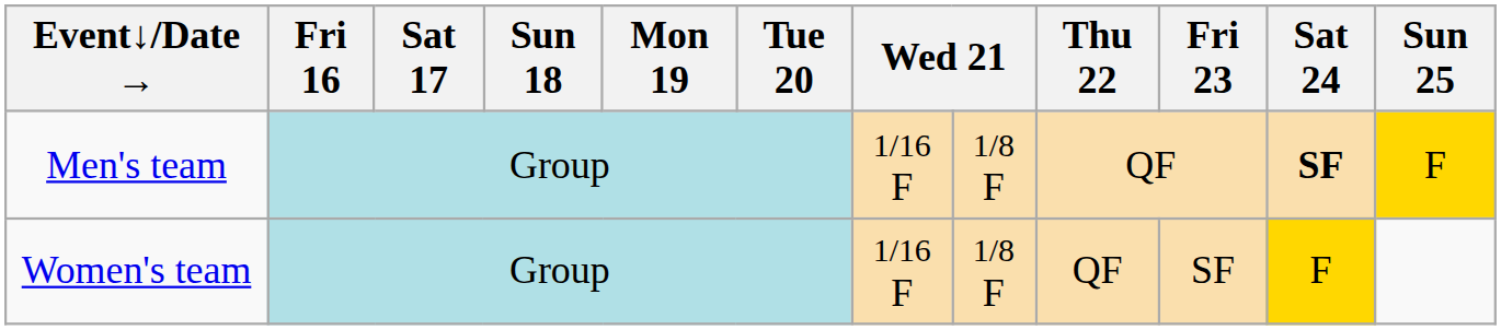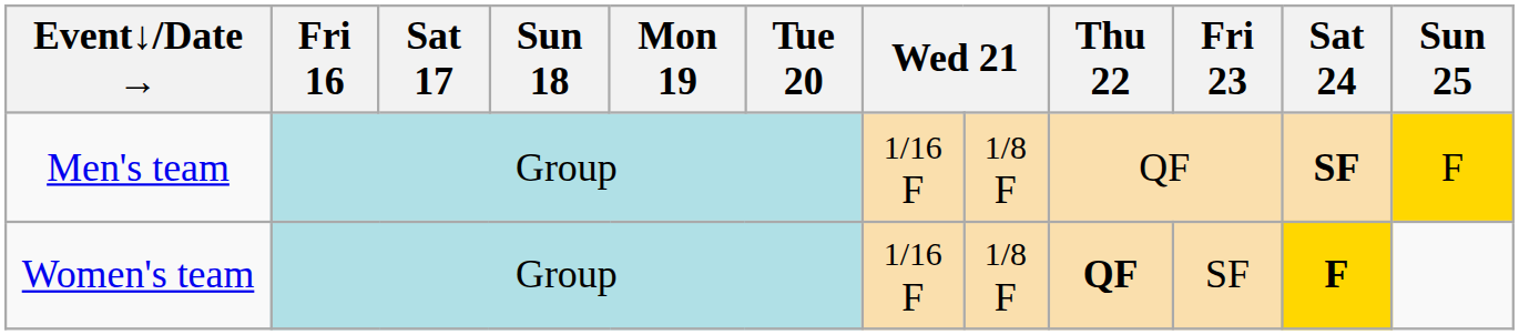 <table class="wikitable" style="text-align: center">
 <tr>
 <th>Event↓/Date →</th>
 <th>Fri 16</th>
 <th>Sat 17</th>
 <th>Sun 18</th>
 <th>Mon 19</th>
 <th>Tue 20</th>
 <th colspan=2>Wed 21</th>
 <th>Thu 22</th>
 <th>Fri 23</th>
 <th>Sat 24</th>
 <th>Sun 25</th>
 </tr>
 <tr>
 <td><a href='#'>Men's team</a></td>
 <td colspan="5" style="background: #b0e0e6">Group</td>
 <td style="background: #fadfad"><small>1/16</small> F</td>
 <td style="background: #fadfad"><small>1/8</small> F</td>
 <td colspan=2 style="background: #fadfad">QF</td>
 <td style="background: #fadfad"><strong>SF</strong></td>
 <td style="background: #ffd700">F</td>
 </tr>
 <tr>
 <td><a href='#'>Women's team</a></td>
 <td colspan="5" style="background: #b0e0e6">Group</td>
 <td style="background: #fadfad"><small>1/16</small> F</td>
 <td style="background: #fadfad"><small>1/8</small> F</td>
-<td style="background: #fadfad">QF</td>
+<td style="background: #fadfad"><strong>QF</strong></td>
 <td style="background: #fadfad">SF</td>
-<td style="background: #ffd700">F</td>
+<td style="background: #ffd700"><strong>F</strong></td>
 <td></td>
 </tr>
 </table>
